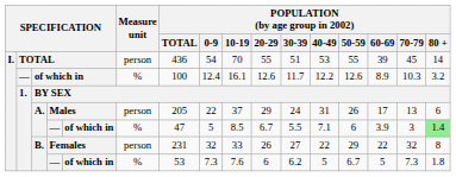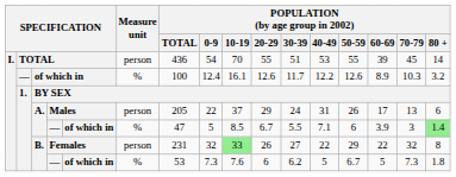 <table class="wikitable" style="font-size:85%; text-align:center">
 <tr>
 <th rowspan="2" colspan="5">SPECIFICATION</th>
 <th rowspan="2">Measure<br> unit</th>
 <th colspan="10" rowspan="1">POPULATION<br> (by age group in 2002)</th>
 </tr>
 <tr>
 <th>TOTAL</th>
 <th>0-9</th>
 <th>10-19</th>
 <th>20-29</th>
 <th>30-39</th>
 <th>40-49</th>
 <th>50-59</th>
 <th>60-69</th>
 <th>70-79</th>
 <th>80 +</th>
 </tr>
 <tr>
 <th style="text-align:left" valign="top" rowspan="7">I.</th>
 <th style="text-align:left" colspan="4">TOTAL</th>
 <td>person</td>
 <td>436</td>
 <td>54</td>
 <td>70</td>
 <td>55</td>
 <td>51</td>
 <td>53</td>
 <td>55</td>
 <td>39</td>
 <td>45</td>
 <td>14</td>
 </tr>
 <tr>
 <th style="text-align:left" valign="top">—</th>
 <th style="text-align:left" colspan="3">of which in</th>
 <td>%</td>
 <td>100</td>
 <td>12.4</td>
 <td>16.1</td>
 <td>12.6</td>
 <td>11.7</td>
 <td>12.2</td>
 <td>12.6</td>
 <td>8.9</td>
 <td>10.3</td>
 <td>3.2</td>
 </tr>
 <tr>
 <th style="text-align:left" valign="top" rowspan="5">1.</th>
 <th style="text-align:left" colspan="14">BY SEX</th>
 </tr>
 <tr>
 <th style="text-align:left" valign="top" rowspan="2">A.</th>
 <th style="text-align:left" colspan="2">Males</th>
 <td>person</td>
 <td>205</td>
 <td>22</td>
 <td>37</td>
 <td>29</td>
 <td>24</td>
 <td>31</td>
 <td>26</td>
 <td>17</td>
 <td>13</td>
 <td>6</td>
 </tr>
 <tr>
 <th style="text-align:left" valign="top">—</th>
 <th style="text-align:left" colspan="1">of which in</th>
 <td>%</td>
 <td>47</td>
 <td>5</td>
 <td>8.5</td>
 <td>6.7</td>
 <td>5.5</td>
 <td>7.1</td>
 <td>6</td>
 <td>3.9</td>
 <td>3</td>
 <td style="background: lightgreen;">1.4</td>
 </tr>
 <tr>
 <th style="text-align:left" valign="top" rowspan="2">B.</th>
 <th style="text-align:left" colspan="2">Females</th>
 <td>person</td>
 <td>231</td>
 <td>32</td>
-<td>33</td>
+<td style="background: lightgreen;">33</td>
 <td>26</td>
 <td>27</td>
 <td>22</td>
 <td>29</td>
 <td>22</td>
 <td>32</td>
 <td>8</td>
 </tr>
 <tr>
 <th style="text-align:left" valign="top">—</th>
 <th style="text-align:left" colspan="1">of which in</th>
 <td>%</td>
 <td>53</td>
 <td>7.3</td>
 <td>7.6</td>
 <td>6</td>
 <td>6.2</td>
 <td>5</td>
 <td>6.7</td>
 <td>5</td>
 <td>7.3</td>
 <td>1.8</td>
 </tr>
 </table>
